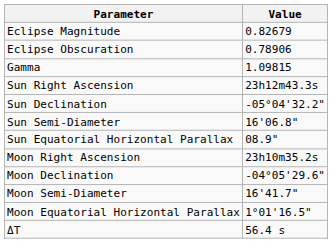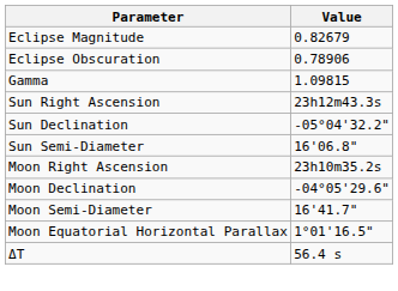 <table class="wikitable">
 <tr>
 <th>Parameter</th>
 <th>Value</th>
 </tr>
 <tr>
 <td>Eclipse Magnitude</td>
 <td>0.82679</td>
 </tr>
 <tr>
 <td>Eclipse Obscuration</td>
 <td>0.78906</td>
 </tr>
 <tr>
 <td>Gamma</td>
 <td>1.09815</td>
 </tr>
 <tr>
 <td>Sun Right Ascension</td>
 <td>23h12m43.3s</td>
 </tr>
 <tr>
 <td>Sun Declination</td>
 <td>-05°04'32.2"</td>
 </tr>
 <tr>
 <td>Sun Semi-Diameter</td>
 <td>16'06.8"</td>
 </tr>
 <tr>
-<td>Sun Equatorial Horizontal Parallax</td>
-<td>08.9"</td>
-</tr>
-<tr>
 <td>Moon Right Ascension</td>
 <td>23h10m35.2s</td>
 </tr>
 <tr>
 <td>Moon Declination</td>
 <td>-04°05'29.6"</td>
 </tr>
 <tr>
 <td>Moon Semi-Diameter</td>
 <td>16'41.7"</td>
 </tr>
 <tr>
 <td>Moon Equatorial Horizontal Parallax</td>
 <td>1°01'16.5"</td>
 </tr>
 <tr>
 <td>ΔT</td>
 <td>56.4 s</td>
 </tr>
 </table>
